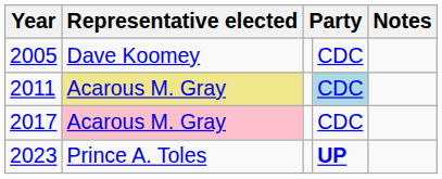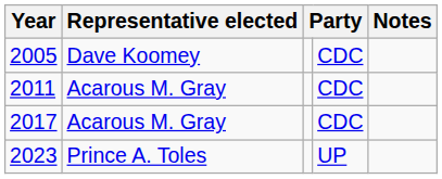 <table class="wikitable">
 <tr>
 <th>Year</th>
 <th>Representative elected</th>
 <th colspan=2>Party</th>
 <th>Notes</th>
 </tr>
 <tr>
 <td><a href='#'>2005</a></td>
 <td><a href='#'>Dave Koomey</a></td>
 <td></td>
 <td><a href='#'>CDC</a></td>
 <td></td>
 </tr>
 <tr>
 <td><a href='#'>2011</a></td>
-<td style="background: khaki;"><a href='#'>Acarous M. Gray</a></td>
+<td><a href='#'>Acarous M. Gray</a></td>
 <td></td>
-<td style="background: lightblue;"><a href='#'>CDC</a></td>
+<td><a href='#'>CDC</a></td>
 <td></td>
 </tr>
 <tr>
 <td><a href='#'>2017</a></td>
-<td style="background: pink;"><a href='#'>Acarous M. Gray</a></td>
+<td><a href='#'>Acarous M. Gray</a></td>
 <td></td>
 <td><a href='#'>CDC</a></td>
 <td></td>
 </tr>
 <tr>
 <td><a href='#'>2023</a></td>
 <td><a href='#'>Prince A. Toles</a></td>
 <td></td>
-<td><strong><a href='#'>UP</a></strong></td>
+<td><a href='#'>UP</a></td>
 <td></td>
 </tr>
 </table>
